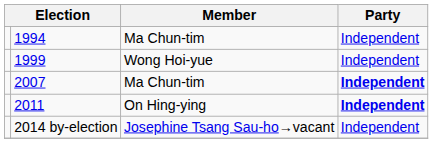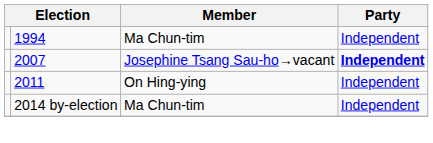 <table class="wikitable">
 <tr>
 <th colspan="2">Election</th>
 <th>Member</th>
 <th>Party</th>
 </tr>
 <tr>
 <td style="background-color: "></td>
 <td><a href='#'>1994</a></td>
 <td>Ma Chun-tim</td>
 <td><a href='#'>Independent</a></td>
 </tr>
 <tr>
 <td style="background-color: "></td>
-<td><a href='#'>1999</a></td>
-<td>Wong Hoi-yue</td>
-<td><a href='#'>Independent</a></td>
-</tr>
-<tr>
-<td style="background-color: "></td>
 <td><a href='#'>2007</a></td>
-<td>Ma Chun-tim</td>
+<td><a href='#'>Josephine Tsang Sau-ho</a>→vacant</td>
 <td><strong><a href='#'>Independent</a></strong></td>
 </tr>
 <tr>
 <td style="background-color: "></td>
 <td><a href='#'>2011</a></td>
 <td>On Hing-ying</td>
-<td><strong><a href='#'>Independent</a></strong></td>
+<td><a href='#'>Independent</a></td>
 </tr>
 <tr>
 <td style="background-color: "></td>
 <td>2014 by-election</td>
-<td><a href='#'>Josephine Tsang Sau-ho</a>→vacant</td>
+<td>Ma Chun-tim</td>
 <td><a href='#'>Independent</a></td>
 </tr>
 <tr>
 </tr>
 </table>
